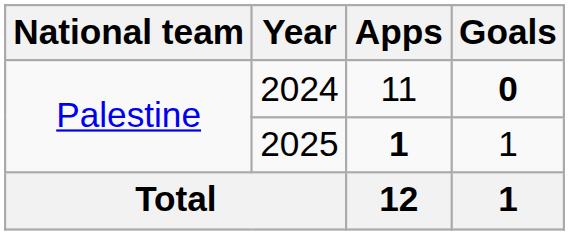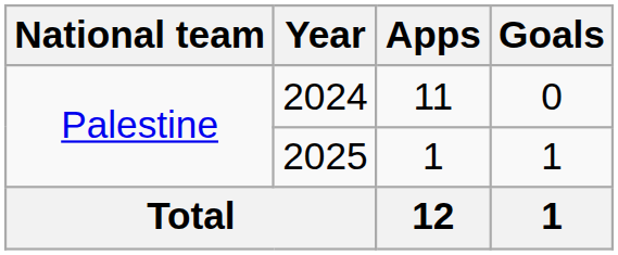 <table class="wikitable" style="text-align:center">
 <tr>
 <th>National team</th>
 <th>Year</th>
 <th>Apps</th>
 <th>Goals</th>
 </tr>
 <tr>
 <td rowspan="2"><a href='#'>Palestine</a></td>
 <td>2024</td>
 <td>11</td>
-<td><strong>0</strong></td>
+<td>0</td>
 </tr>
 <tr>
 <td>2025</td>
-<td><strong>1</strong></td>
+<td>1</td>
 <td>1</td>
 </tr>
 <tr>
 <th colspan="2">Total</th>
 <th>12</th>
 <th>1</th>
 </tr>
 </table>
